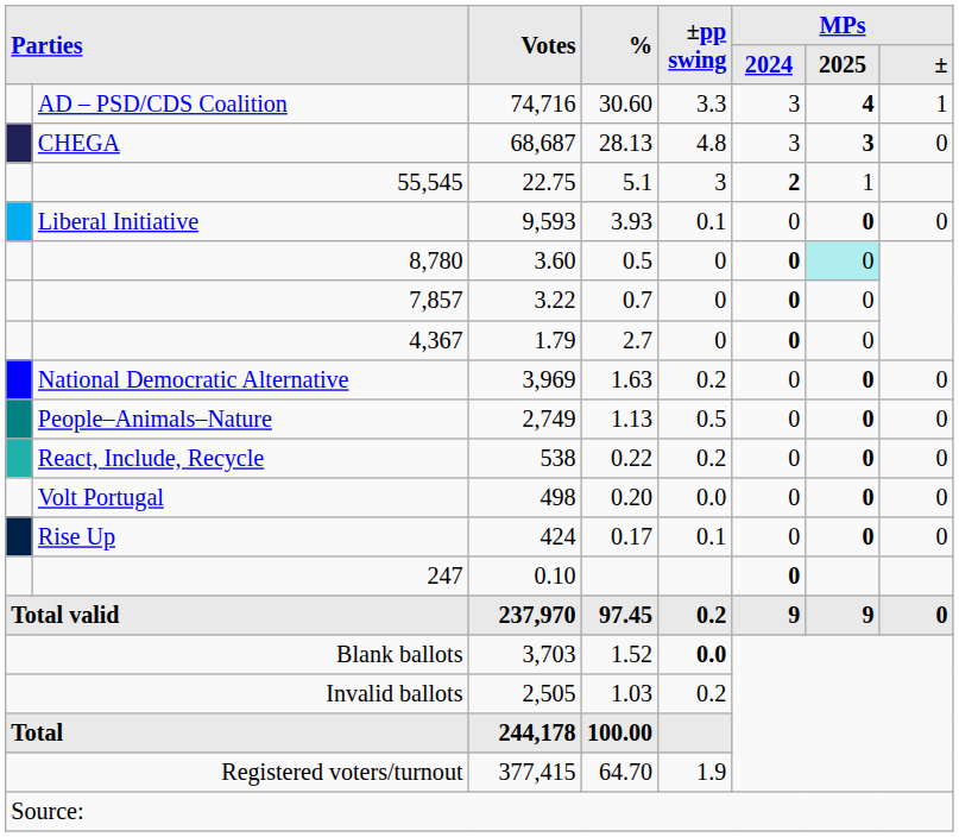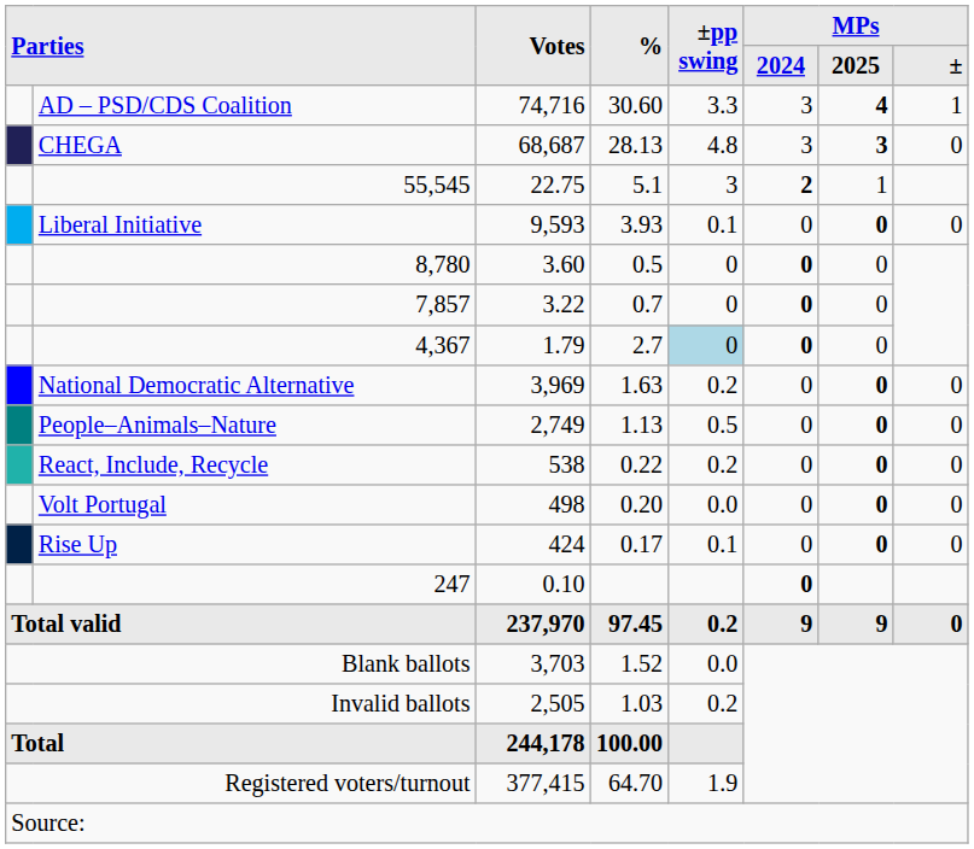 <table class="wikitable" style="text-align:right; font-size:95%;">
 <tr>
 <th rowspan="2" colspan="2" style="background:#e9e9e9; text-align:left;" alignleft><a href='#'>Parties</a></th>
 <th rowspan="2" style="background:#e9e9e9; text-align:right;">Votes</th>
 <th rowspan="2" style="background:#e9e9e9; text-align:right;">%</th>
 <th rowspan="2" style="background:#e9e9e9; text-align:right;">±<a href='#'>pp</a> <a href='#'>swing</a></th>
 <th colspan="3" style="background:#e9e9e9; text-align:center;"><a href='#'>MPs</a></th>
 </tr>
 <tr style="background-color:#E9E9E9">
 <th style="background-color:#E9E9E9;text-align:center;"><a href='#'>2024</a></th>
 <th style="background-color:#E9E9E9;text-align:center;">2025</th>
 <th style="background:#e9e9e9; text-align:right;">±</th>
 </tr>
 <tr>
 <td style="width: 10px" bgcolor=></td>
 <td align="left"><a href='#'>AD – PSD/CDS Coalition</a> </td>
 <td>74,716</td>
 <td>30.60</td>
 <td>3.3</td>
 <td>3</td>
 <td><strong>4</strong></td>
 <td>1</td>
 </tr>
 <tr>
 <td style="width: 10px" bgcolor="#202056" align="center"></td>
 <td align="left"><a href='#'>CHEGA</a></td>
 <td>68,687</td>
 <td>28.13</td>
 <td>4.8</td>
 <td>3</td>
 <td><strong>3</strong></td>
 <td>0</td>
 </tr>
 <tr>
 <td></td>
 <td>55,545</td>
 <td>22.75</td>
 <td>5.1</td>
 <td>3</td>
 <td><strong>2</strong></td>
 <td>1</td>
 </tr>
 <tr>
 <td style="width: 10px" bgcolor="#00ADEF" align="center"></td>
 <td align="left"><a href='#'>Liberal Initiative</a></td>
 <td>9,593</td>
 <td>3.93</td>
 <td>0.1</td>
 <td>0</td>
 <td><strong>0</strong></td>
 <td>0</td>
 </tr>
 <tr>
 <td></td>
 <td>8,780</td>
 <td>3.60</td>
 <td>0.5</td>
 <td>0</td>
 <td><strong>0</strong></td>
-<td style="background: paleturquoise;">0</td>
+<td>0</td>
 </tr>
 <tr>
 <td></td>
 <td>7,857</td>
 <td>3.22</td>
 <td>0.7</td>
 <td>0</td>
 <td><strong>0</strong></td>
 <td>0</td>
 </tr>
 <tr>
 <td></td>
 <td>4,367</td>
 <td>1.79</td>
 <td>2.7</td>
-<td>0</td>
+<td style="background: lightblue;">0</td>
 <td><strong>0</strong></td>
 <td>0</td>
 </tr>
 <tr>
 <td style="width: 10px" bgcolor="blue" align="center"></td>
 <td align="left"><a href='#'>National Democratic Alternative</a></td>
 <td>3,969</td>
 <td>1.63</td>
 <td>0.2</td>
 <td>0</td>
 <td><strong>0</strong></td>
 <td>0</td>
 </tr>
 <tr>
 <td style="width: 10px" bgcolor="teal" align="center"></td>
 <td align="left"><a href='#'>People–Animals–Nature</a></td>
 <td>2,749</td>
 <td>1.13</td>
 <td>0.5</td>
 <td>0</td>
 <td><strong>0</strong></td>
 <td>0</td>
 </tr>
 <tr>
 <td style="width: 10px" bgcolor="LightSeaGreen" align="center"></td>
 <td align="left"><a href='#'>React, Include, Recycle</a></td>
 <td>538</td>
 <td>0.22</td>
 <td>0.2</td>
 <td>0</td>
 <td><strong>0</strong></td>
 <td>0</td>
 </tr>
 <tr>
 <td style="width: 10px"></td>
 <td align="left"><a href='#'>Volt Portugal</a></td>
 <td>498</td>
 <td>0.20</td>
 <td>0.0</td>
 <td>0</td>
 <td><strong>0</strong></td>
 <td>0</td>
 </tr>
 <tr>
 <td style="width: 10px" bgcolor="#002147" align="center"></td>
 <td align="left"><a href='#'>Rise Up</a></td>
 <td>424</td>
 <td>0.17</td>
 <td>0.1</td>
 <td>0</td>
 <td><strong>0</strong></td>
 <td>0</td>
 </tr>
 <tr>
 <td></td>
 <td>247</td>
 <td>0.10</td>
 <td></td>
 <td></td>
 <td><strong>0</strong></td>
 <td></td>
 </tr>
 <tr>
 <td colspan=2 width="288" align=left style="background-color:#E9E9E9"><strong>Total valid</strong></td>
 <td width="65" align="right" style="background-color:#E9E9E9"><strong>237,970</strong></td>
 <td width="40" align="right" style="background-color:#E9E9E9"><strong>97.45</strong></td>
 <td width="40" align="right" style="background-color:#E9E9E9"><strong>0.2</strong></td>
 <td width="40" align="right" style="background-color:#E9E9E9"><strong>9</strong></td>
 <td width="40" align="right" style="background-color:#E9E9E9"><strong>9</strong></td>
 <td width="40" align="right" style="background-color:#E9E9E9"><strong>0</strong></td>
 </tr>
 <tr>
 <td colspan=2>Blank ballots</td>
 <td>3,703</td>
 <td>1.52</td>
-<td><strong>0.0</strong></td>
+<td>0.0</td>
 <td colspan=3 rowspan=4></td>
 </tr>
 <tr>
 <td colspan=2>Invalid ballots</td>
 <td>2,505</td>
 <td>1.03</td>
 <td>0.2</td>
 </tr>
 <tr>
 <td colspan=2 align=left style="background-color:#E9E9E9"><strong>Total</strong></td>
 <td width="50" align="right" style="background-color:#E9E9E9"><strong>244,178</strong></td>
 <td width="40" align="right" style="background-color:#E9E9E9"><strong>100.00</strong></td>
 <td width="40" align="right" style="background-color:#E9E9E9"></td>
 </tr>
 <tr>
 <td colspan=2>Registered voters/turnout</td>
 <td>377,415</td>
 <td>64.70</td>
 <td>1.9</td>
 </tr>
 <tr>
 <td colspan=8 align=left>Source: </td>
 </tr>
 </table>
